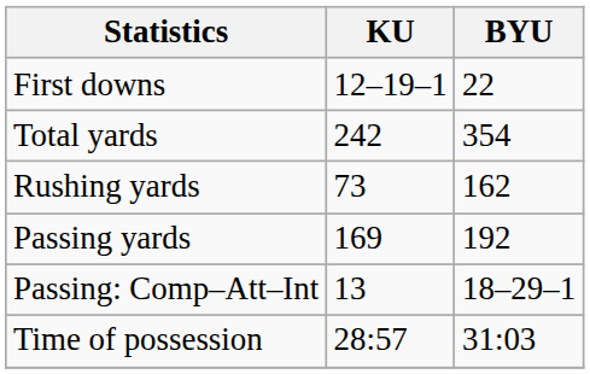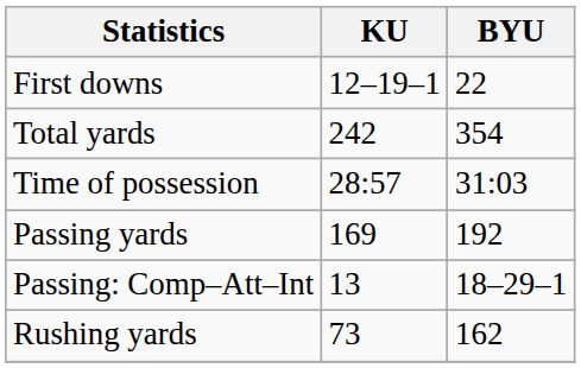 <table class="wikitable" style="float: left;">
 <tr>
 <th>Statistics</th>
 <th>KU</th>
 <th>BYU</th>
 </tr>
 <tr>
 <td>First downs</td>
 <td>12–19–1</td>
 <td>22</td>
 </tr>
 <tr>
 <td>Total yards</td>
 <td>242</td>
 <td>354</td>
 </tr>
 <tr>
-<td>Rushing yards</td>
-<td>73</td>
-<td>162</td>
+<td>Time of possession</td>
+<td>28:57</td>
+<td>31:03</td>
 </tr>
 <tr>
 <td>Passing yards</td>
 <td>169</td>
 <td>192</td>
 </tr>
 <tr>
 <td>Passing: Comp–Att–Int</td>
 <td>13</td>
 <td>18–29–1</td>
 </tr>
 <tr>
-<td>Time of possession</td>
-<td>28:57</td>
-<td>31:03</td>
+<td>Rushing yards</td>
+<td>73</td>
+<td>162</td>
 </tr>
 <tr>
 </tr>
 </table>
